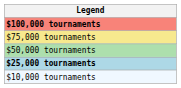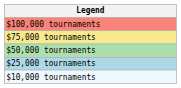 <table class="wikitable"  style="font-size:90%; width:13%;">
 <tr>
 <th>Legend</th>
 </tr>
 <tr style="background:#f88379;">
-<td><strong>$100,000 tournaments</strong></td>
+<td>$100,000 tournaments</td>
 </tr>
 <tr style="background:#f7e98e;">
 <td>$75,000 tournaments</td>
 </tr>
 <tr style="background:#addfad;">
 <td>$50,000 tournaments</td>
 </tr>
 <tr style="background:lightblue;">
-<td><strong>$25,000 tournaments</strong></td>
+<td>$25,000 tournaments</td>
 </tr>
 <tr style="background:#f0f8ff;">
 <td>$10,000 tournaments</td>
 </tr>
 </table>
